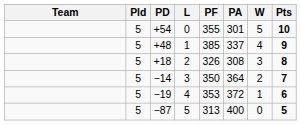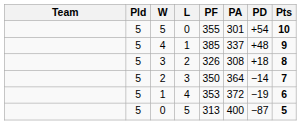 <table class=wikitable style="text-align:center">
 <tr>
 <th width=180>Team</th>
 <th width=30>Pld</th>
-<th width=30>PD</th>
+<th width=30>W</th>
 <th width=30>L</th>
 <th width=30>PF</th>
 <th width=30>PA</th>
-<th width=30>W</th>
+<th width=30>PD</th>
 <th width=30>Pts</th>
 </tr>
 <tr>
 <td align="left"></td>
 <td>5</td>
-<td>+54</td>
+<td>5</td>
 <td>0</td>
 <td>355</td>
 <td>301</td>
-<td>5</td>
+<td>+54</td>
 <td><strong>10</strong></td>
 </tr>
 <tr>
 <td align="left"></td>
 <td>5</td>
-<td>+48</td>
+<td>4</td>
 <td>1</td>
 <td>385</td>
 <td>337</td>
-<td>4</td>
+<td>+48</td>
 <td><strong>9</strong></td>
 </tr>
 <tr>
 <td align="left"></td>
 <td>5</td>
-<td>+18</td>
+<td>3</td>
 <td>2</td>
 <td>326</td>
 <td>308</td>
-<td>3</td>
+<td>+18</td>
 <td><strong>8</strong></td>
 </tr>
 <tr>
 <td align="left"></td>
 <td>5</td>
-<td>−14</td>
+<td>2</td>
 <td>3</td>
 <td>350</td>
 <td>364</td>
-<td>2</td>
+<td>−14</td>
 <td><strong>7</strong></td>
 </tr>
 <tr>
 <td align="left"></td>
 <td>5</td>
-<td>−19</td>
+<td>1</td>
 <td>4</td>
 <td>353</td>
 <td>372</td>
-<td>1</td>
+<td>−19</td>
 <td><strong>6</strong></td>
 </tr>
 <tr>
 <td align="left"></td>
 <td>5</td>
-<td>−87</td>
+<td>0</td>
 <td>5</td>
 <td>313</td>
 <td>400</td>
-<td>0</td>
+<td>−87</td>
 <td><strong>5</strong></td>
 </tr>
 </table>
